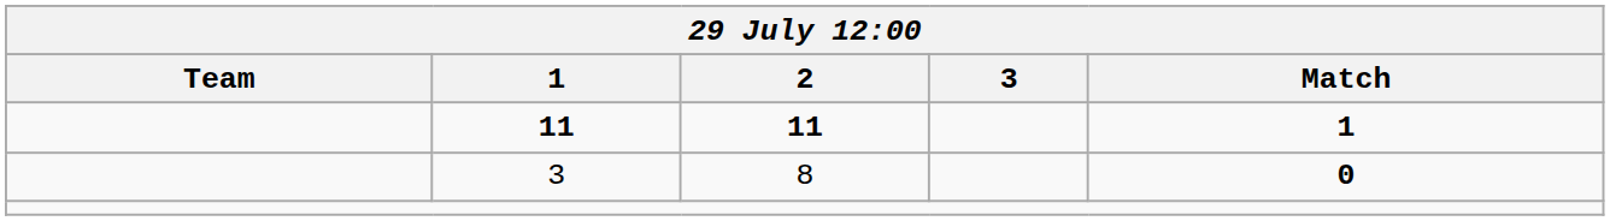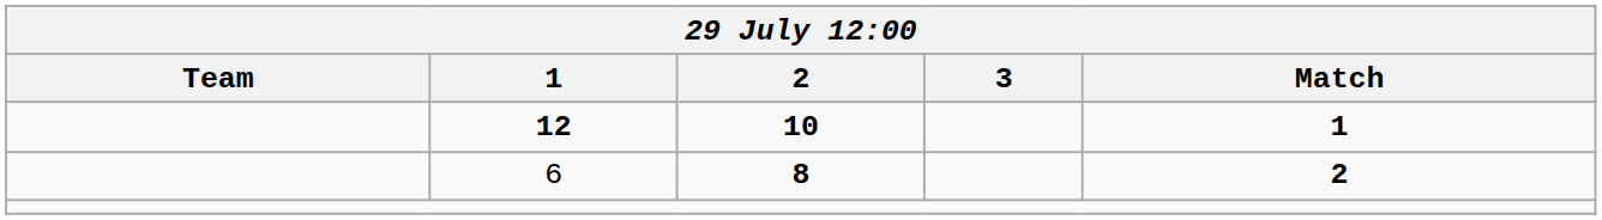 <table class=wikitable style="text-align:center; width: 55%">
 <tr>
 <th colspan=10><em>29 July 12:00</em></th>
 </tr>
 <tr>
 <th>Team</th>
 <th>1</th>
 <th>2</th>
 <th>3</th>
 <th>Match</th>
 </tr>
 <tr>
 <td align=left><strong><br></strong></td>
-<td><strong>11</strong></td>
-<td><strong>11</strong></td>
+<td><strong>12</strong></td>
+<td><strong>10</strong></td>
 <td></td>
 <td><strong>1</strong></td>
 </tr>
 <tr>
 <td align=left><br></td>
-<td>3</td>
-<td>8</td>
+<td>6</td>
+<td><strong>8</strong></td>
 <td></td>
-<td><strong>0</strong></td>
+<td><strong>2</strong></td>
 </tr>
 <tr>
 <td colspan=10></td>
 </tr>
 </table>
